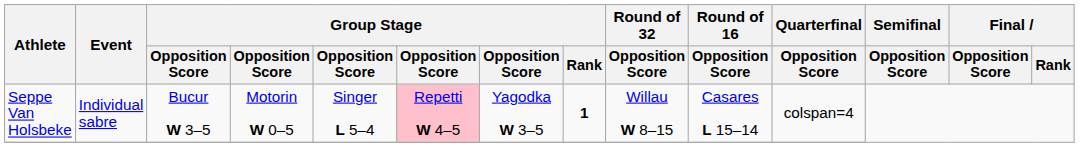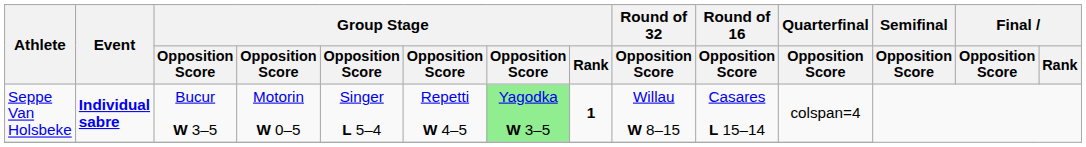 <table class="wikitable" style="font-size:90%">
 <tr>
 <th rowspan=2>Athlete</th>
 <th rowspan=2>Event</th>
 <th colspan=6>Group Stage</th>
 <th>Round of 32</th>
 <th>Round of 16</th>
 <th>Quarterfinal</th>
 <th>Semifinal</th>
 <th colspan=2>Final / </th>
 </tr>
 <tr style="font-size:95%">
 <th>Opposition<br>Score</th>
 <th>Opposition<br>Score</th>
 <th>Opposition<br>Score</th>
 <th>Opposition<br>Score</th>
 <th>Opposition<br>Score</th>
 <th>Rank</th>
 <th>Opposition<br>Score</th>
 <th>Opposition<br>Score</th>
 <th>Opposition<br>Score</th>
 <th>Opposition<br>Score</th>
 <th>Opposition<br>Score</th>
 <th>Rank</th>
 </tr>
 <tr align=center>
 <td align=left><a href='#'>Seppe Van Holsbeke</a></td>
-<td align=left><a href='#'>Individual sabre</a></td>
+<td align=left><strong><a href='#'>Individual sabre</a></strong></td>
 <td><a href='#'>Bucur</a><br><br><strong>W</strong> 3–5</td>
 <td><a href='#'>Motorin</a><br><br><strong>W</strong> 0–5</td>
 <td><a href='#'>Singer</a><br><br><strong>L</strong> 5–4</td>
-<td style="background: pink;"><a href='#'>Repetti</a><br><br><strong>W</strong> 4–5</td>
-<td><a href='#'>Yagodka</a><br><br><strong>W</strong> 3–5</td>
+<td><a href='#'>Repetti</a><br><br><strong>W</strong> 4–5</td>
+<td style="background: lightgreen;"><a href='#'>Yagodka</a><br><br><strong>W</strong> 3–5</td>
 <td><strong>1</strong></td>
 <td><a href='#'>Willau</a><br><br><strong>W</strong> 8–15</td>
 <td><a href='#'>Casares</a><br><br><strong>L</strong> 15–14</td>
 <td>colspan=4 </td>
 </tr>
 <tr align=center>
 </tr>
 </table>
